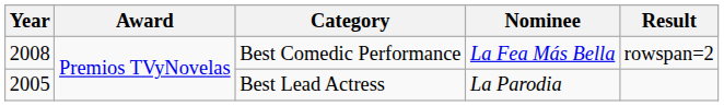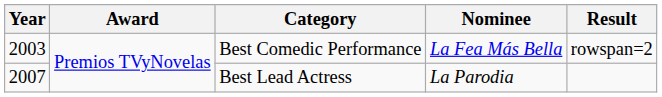 <table class="wikitable">
 <tr style="background:#b0c4de;">
 <th>Year</th>
 <th>Award</th>
 <th>Category</th>
 <th>Nominee</th>
 <th>Result</th>
 </tr>
 <tr>
-<td>2008</td>
+<td>2003</td>
 <td rowspan=2><a href='#'>Premios TVyNovelas</a></td>
 <td>Best Comedic Performance</td>
 <td><em><a href='#'>La Fea Más Bella</a></em></td>
 <td>rowspan=2 </td>
 </tr>
 <tr>
-<td>2005</td>
+<td>2007</td>
 <td>Best Lead Actress</td>
 <td><em>La Parodia</em></td>
 </tr>
 </table>
